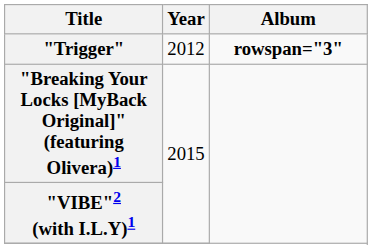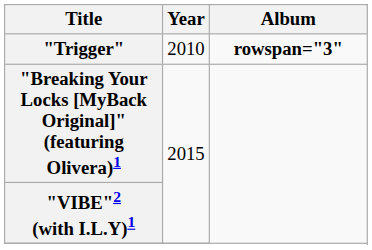 <table class="wikitable plainrowheaders" style="text-align:center;">
 <tr>
 <th scope="col" style="width:8em;">Title</th>
 <th scope="col" style="width:1em;">Year</th>
 <th scope="col" style="width:8em;">Album</th>
 </tr>
 <tr>
 <th scope="row">"Trigger"</th>
-<td>2012</td>
+<td>2010</td>
 <td><strong>rowspan="3" </strong></td>
 </tr>
 <tr>
 <th scope="row">"Breaking Your Locks [MyBack Original]"<br><span>(featuring Olivera)</span><sup><a href='#'>1</a></sup></th>
 <td rowspan="2">2015</td>
 </tr>
 <tr>
 <th scope="row">"VIBE"<sup><a href='#'>2</a></sup><br><span>(with I.L.Y)</span><sup><a href='#'>1</a></sup></th>
 </tr>
 <tr>
 </tr>
 </table>
